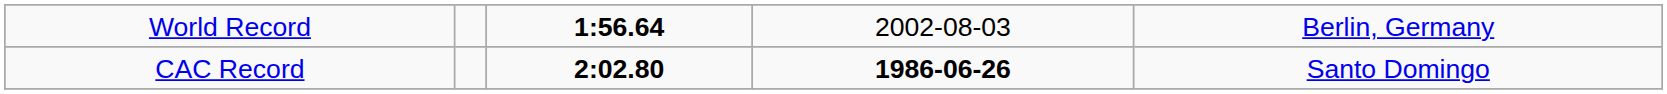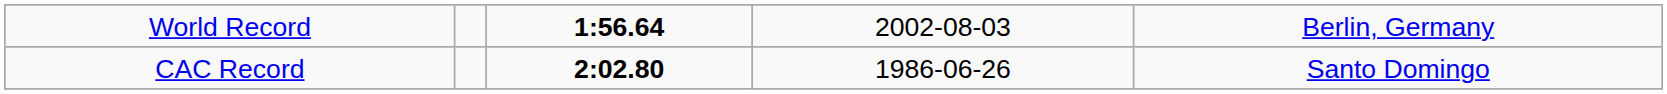 <table class="wikitable" style=" text-align:center; font-size:95%;" width="75%">
 <tr>
 <td><a href='#'>World Record</a></td>
 <td></td>
 <td><strong>1:56.64</strong></td>
 <td>2002-08-03</td>
 <td> <a href='#'>Berlin, Germany</a></td>
 </tr>
 <tr>
 <td><a href='#'>CAC Record</a></td>
 <td></td>
 <td><strong>2:02.80</strong></td>
-<td><strong>1986-06-26</strong></td>
+<td>1986-06-26</td>
 <td> <a href='#'>Santo Domingo</a></td>
 </tr>
 </table>
